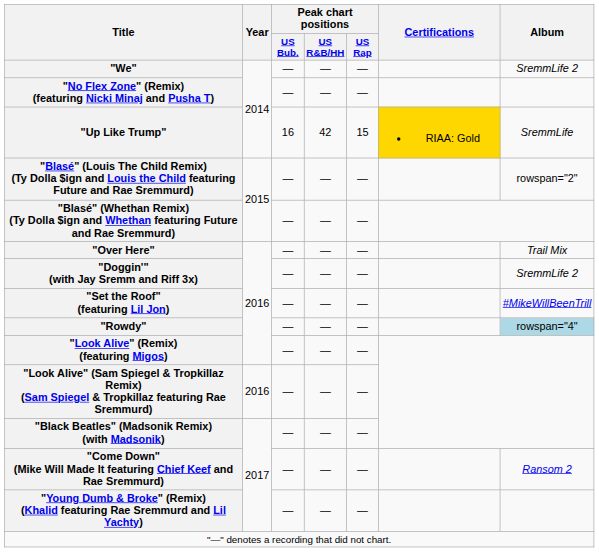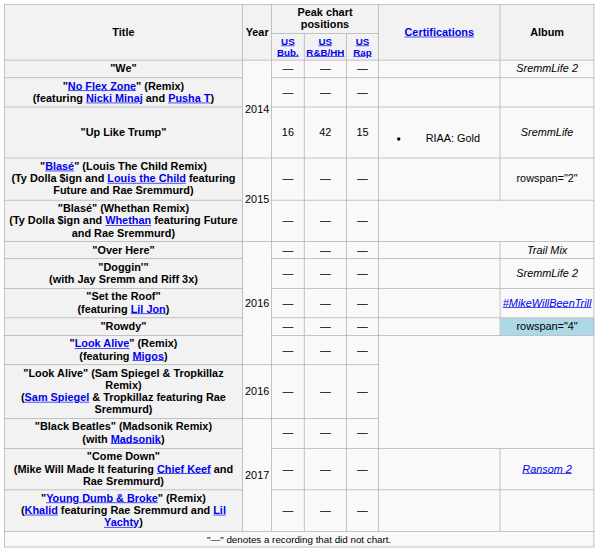 <table class="wikitable plainrowheaders" style="text-align:center;">
 <tr>
 <th scope="col" rowspan="2" style="width:26em;">Title</th>
 <th scope="col" rowspan="2">Year</th>
 <th scope="col" colspan="3">Peak chart positions</th>
 <th scope="col" rowspan="2" style="width:12em;"><a href='#'>Certifications</a></th>
 <th scope="col" rowspan="2">Album</th>
 </tr>
 <tr>
 <th scope="col" style="width:3em;font-size:90%;"><a href='#'>US Bub.</a></th>
 <th scope="col" style="width:3em;font-size:90%;"><a href='#'>US<br>R&B/HH</a><br></th>
 <th scope="col" style="width:3em;font-size:90%;"><a href='#'>US<br>Rap</a><br></th>
 </tr>
 <tr>
 <th scope="row">"We"</th>
 <td rowspan="3">2014</td>
 <td>—</td>
 <td>—</td>
 <td>—</td>
 <td></td>
 <td><em>SremmLife 2</em></td>
 </tr>
 <tr>
 <th scope="row">"<a href='#'>No Flex Zone</a>" (Remix)<br><span>(featuring <a href='#'>Nicki Minaj</a> and <a href='#'>Pusha T</a>)</span></th>
 <td>—</td>
 <td>—</td>
 <td>—</td>
 <td></td>
 <td></td>
 </tr>
 <tr>
 <th scope="row">"Up Like Trump"</th>
 <td>16</td>
 <td>42</td>
 <td>15</td>
-<td style="background: gold;"><br><ul><li>RIAA: Gold</li></ul></td>
+<td><br><ul><li>RIAA: Gold</li></ul></td>
 <td><em>SremmLife</em></td>
 </tr>
 <tr>
 <th scope="row">"<a href='#'>Blasé</a>" (Louis The Child Remix)<br><span>(Ty Dolla $ign and <a href='#'>Louis the Child</a> featuring Future and Rae Sremmurd)</span></th>
 <td rowspan="2">2015</td>
 <td>—</td>
 <td>—</td>
 <td>—</td>
 <td></td>
 <td>rowspan="2" </td>
 </tr>
 <tr>
 <th scope="row">"Blasé" (Whethan Remix)<br><span>(Ty Dolla $ign and <a href='#'>Whethan</a> featuring Future and Rae Sremmurd)</span></th>
 <td>—</td>
 <td>—</td>
 <td>—</td>
 </tr>
 <tr>
 <th scope="row">"Over Here"<br><span></span></th>
 <td rowspan="5">2016</td>
 <td>—</td>
 <td>—</td>
 <td>—</td>
 <td></td>
 <td><em>Trail Mix</em></td>
 </tr>
 <tr>
 <th scope="row">"Doggin'"<br><span>(with Jay Sremm and Riff 3x)</span></th>
 <td>—</td>
 <td>—</td>
 <td>—</td>
 <td></td>
 <td><em>SremmLife 2</em></td>
 </tr>
 <tr>
 <th scope="row">"Set the Roof"<br><span>(featuring <a href='#'>Lil Jon</a>)</span></th>
 <td>—</td>
 <td>—</td>
 <td>—</td>
 <td></td>
 <td><em><a href='#'>#MikeWillBeenTrill</a></em></td>
 </tr>
 <tr>
 <th scope="row">"Rowdy"<br><span></span></th>
 <td>—</td>
 <td>—</td>
 <td>—</td>
 <td></td>
 <td style="background: lightblue;">rowspan="4" </td>
 </tr>
 <tr>
 <th scope="row">"<a href='#'>Look Alive</a>" (Remix)<br><span>(featuring <a href='#'>Migos</a>)</span></th>
 <td>—</td>
 <td>—</td>
 <td>—</td>
 </tr>
 <tr>
 <th scope="row">"Look Alive" (Sam Spiegel & Tropkillaz Remix)<br><span>(<a href='#'>Sam Spiegel</a> & Tropkillaz featuring Rae Sremmurd)</span></th>
 <td>2016</td>
 <td>—</td>
 <td>—</td>
 <td>—</td>
 </tr>
 <tr>
 <th scope="row">"Black Beatles" (Madsonik Remix)<br><span>(with <a href='#'>Madsonik</a>)</span></th>
 <td rowspan="3">2017</td>
 <td>—</td>
 <td>—</td>
 <td>—</td>
 </tr>
 <tr>
 <th scope="row">"Come Down"<br><span>(Mike Will Made It featuring <a href='#'>Chief Keef</a> and Rae Sremmurd)</span></th>
 <td>—</td>
 <td>—</td>
 <td>—</td>
 <td></td>
 <td><em><a href='#'>Ransom 2</a></em></td>
 </tr>
 <tr>
 <th scope="row">"<a href='#'>Young Dumb & Broke</a>" (Remix)<br><span>(<a href='#'>Khalid</a> featuring Rae Sremmurd and <a href='#'>Lil Yachty</a>)</span></th>
 <td>—</td>
 <td>—</td>
 <td>—</td>
 <td></td>
 <td></td>
 </tr>
 <tr>
 <td colspan="7" style="font-size:90%">"—" denotes a recording that did not chart.</td>
 </tr>
 </table>
